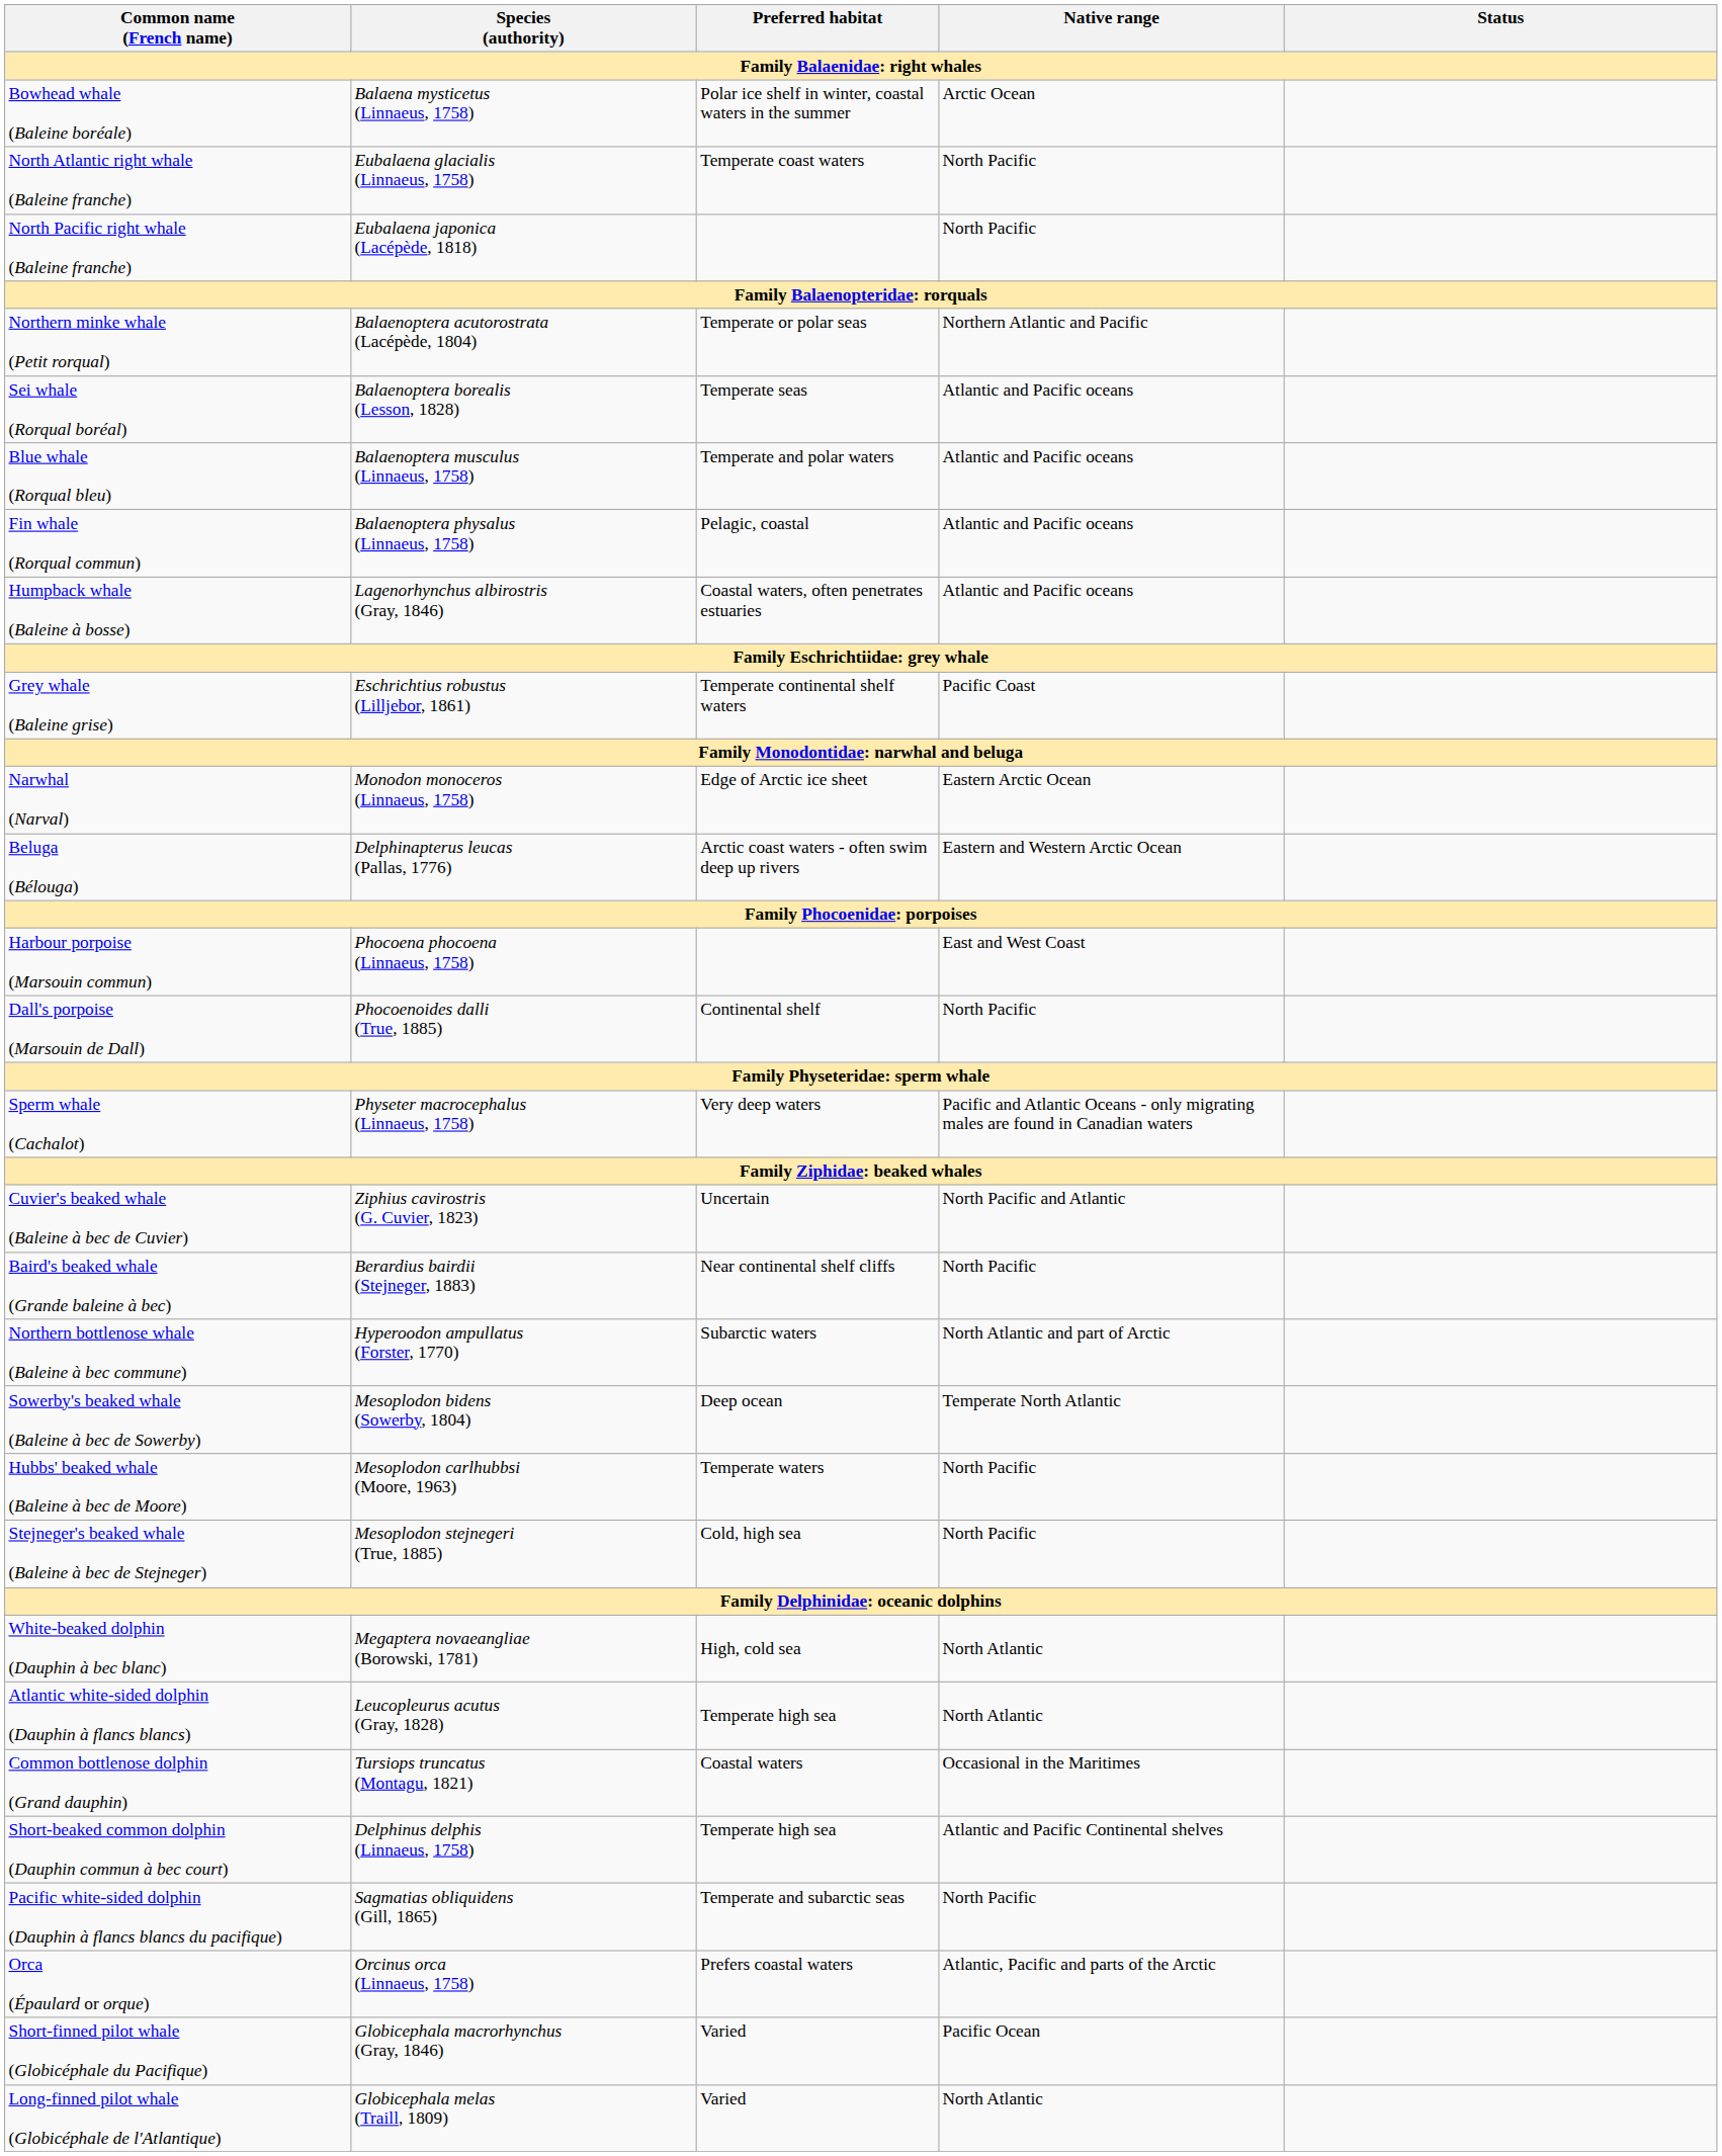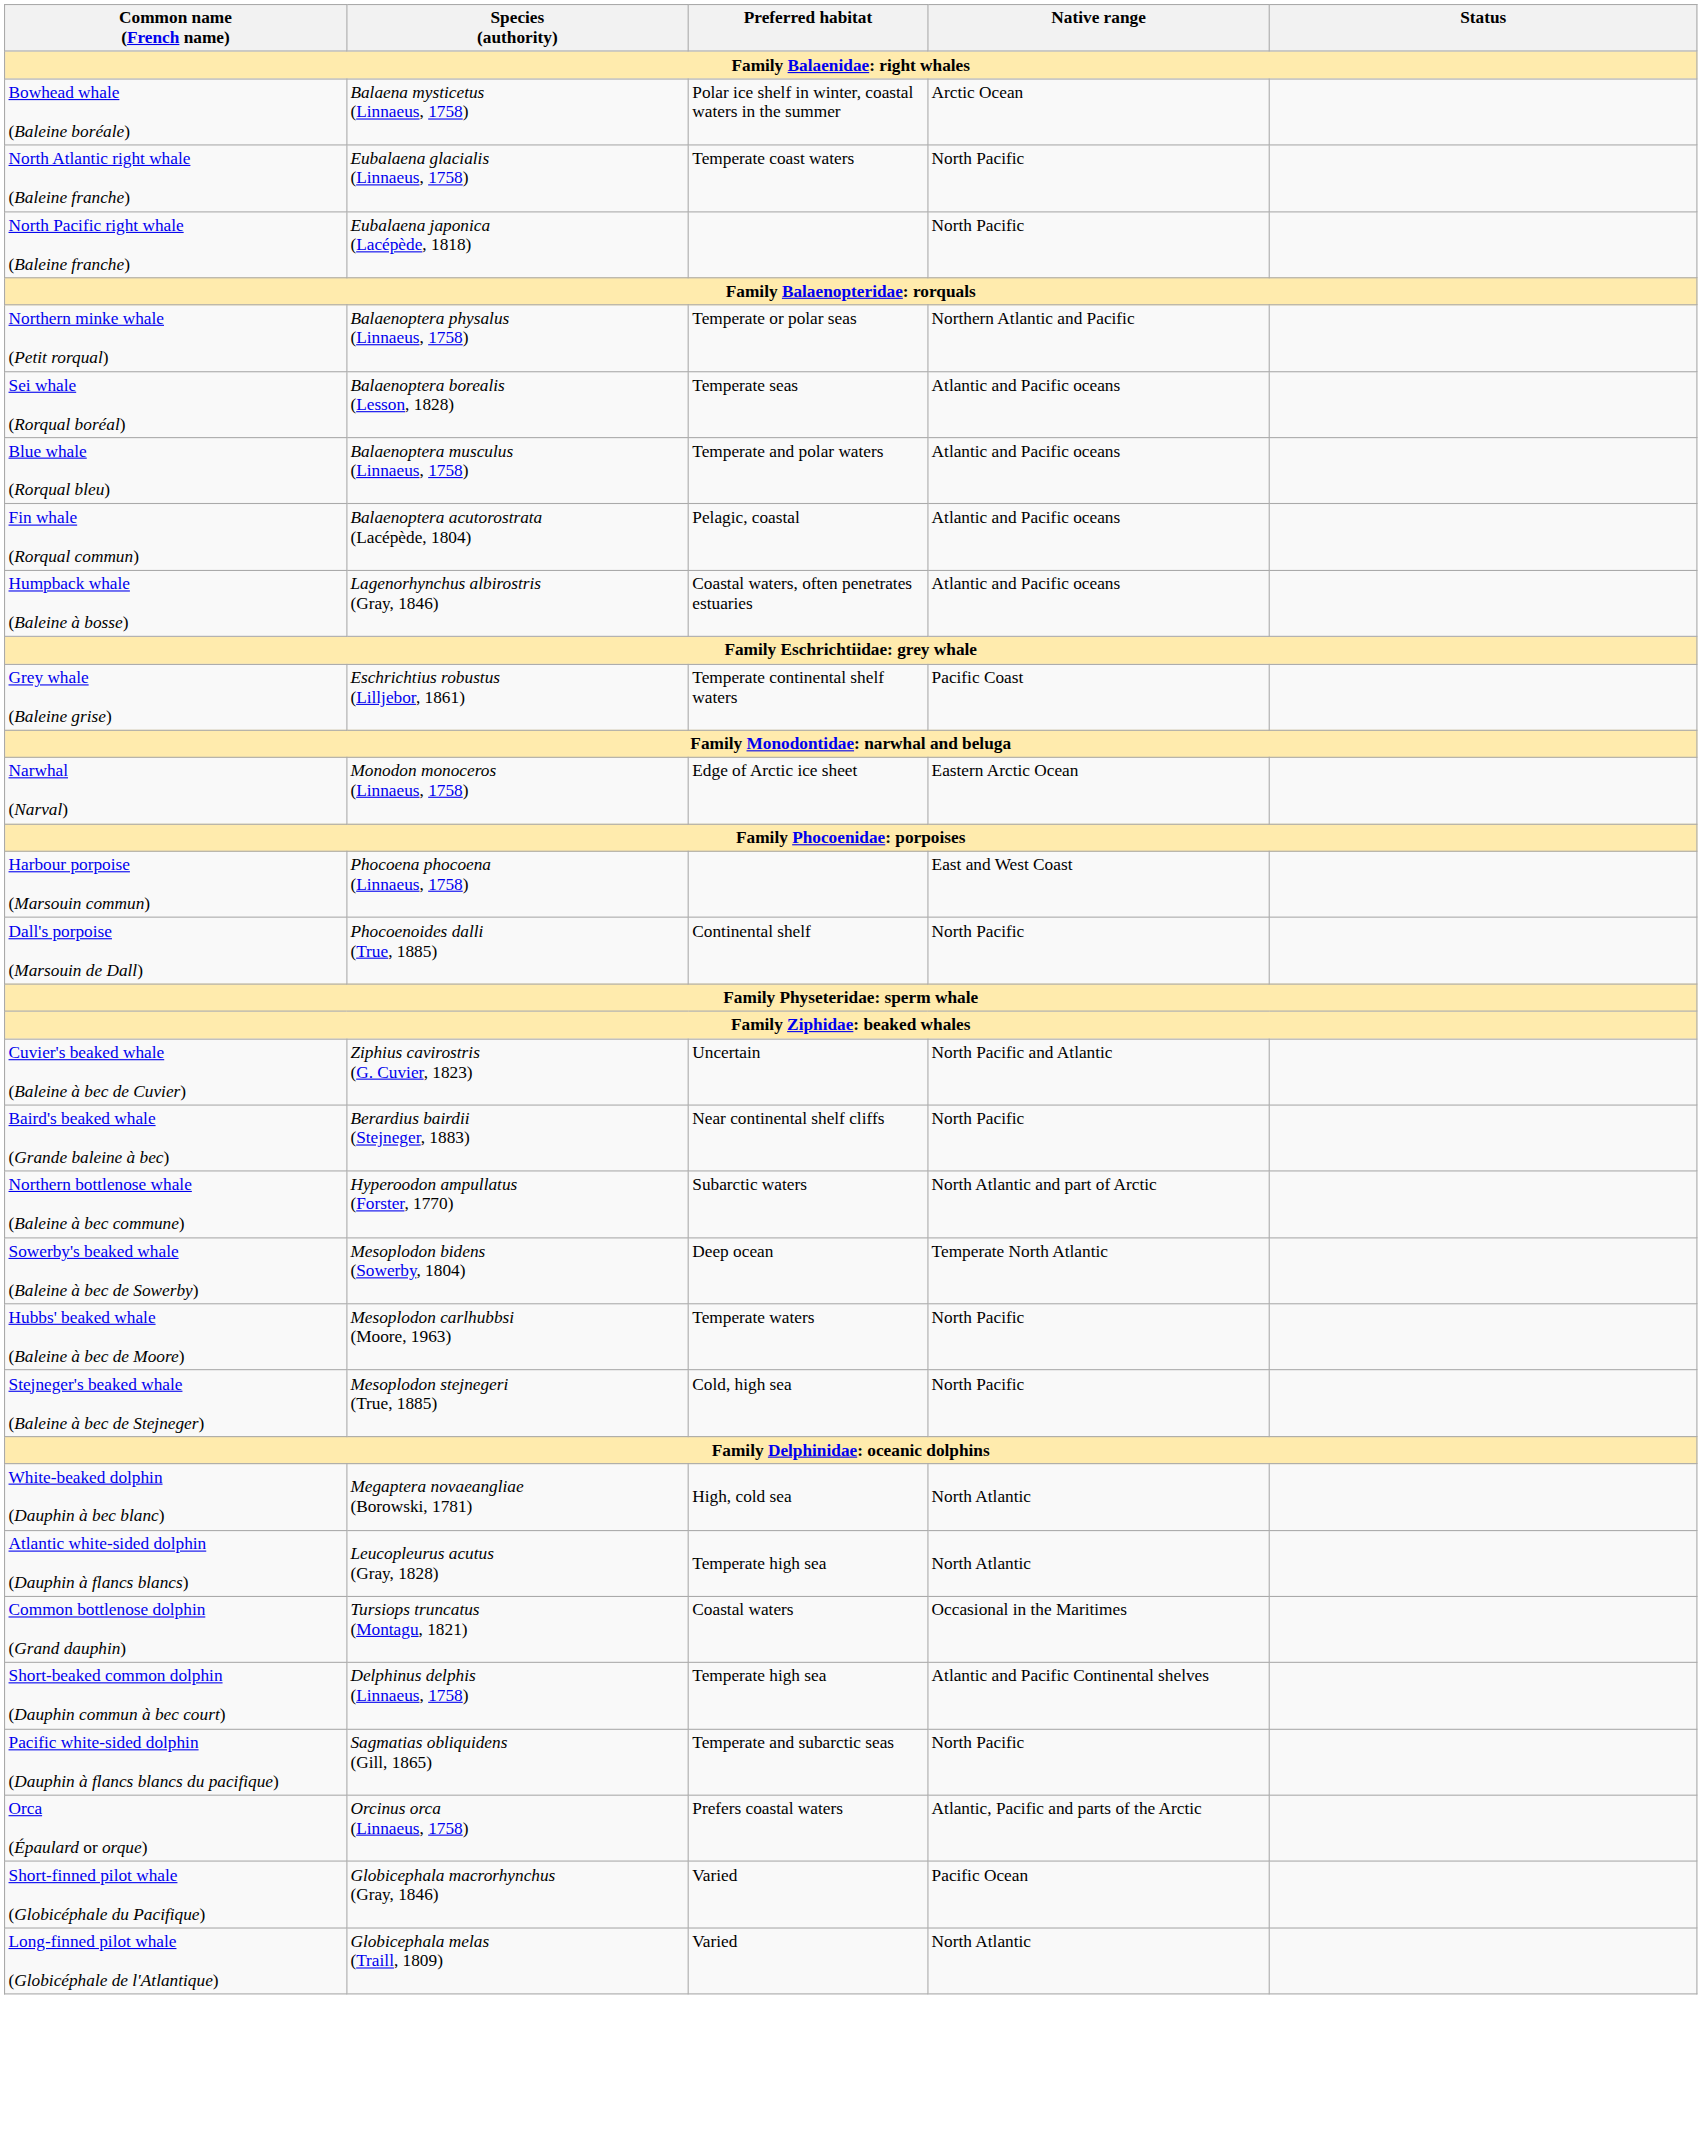 <table class="wikitable sortable sticky-header-multi" style=text-align:center" style="margin:1em auto;">
 <tr valign="top">
 <th style="width:20%;">Common name<br>(<a href='#'>French</a> name)</th>
 <th style="width:20%;">Species<br>(authority)</th>
 <th style="width:14%;">Preferred habitat</th>
 <th style="width:20%;">Native range</th>
 <th style="width:25%;">Status</th>
 </tr>
 <tr>
 <td style="text-align:center;" bgcolor="#ffebad" colspan=5><strong>Family <a href='#'>Balaenidae</a>: right whales</strong></td>
 </tr>
 <tr valign="top">
 <td><a href='#'>Bowhead whale</a><br> <br>(<em>Baleine boréale</em>)</td>
 <td><em>Balaena mysticetus</em><br>(<a href='#'>Linnaeus</a>, <a href='#'>1758</a>)</td>
 <td>Polar ice shelf in winter, coastal waters in the summer</td>
 <td>Arctic Ocean</td>
 <td></td>
 </tr>
 <tr valign="top">
 <td><a href='#'>North Atlantic right whale</a><br> <br>(<em>Baleine franche</em>)</td>
 <td><em>Eubalaena glacialis</em><br>(<a href='#'>Linnaeus</a>, <a href='#'>1758</a>)</td>
 <td>Temperate coast waters</td>
 <td>North Pacific</td>
 <td></td>
 </tr>
 <tr valign="top">
 <td><a href='#'>North Pacific right whale</a><br> <br>(<em>Baleine franche</em>)</td>
 <td><em>Eubalaena japonica</em><br>(<a href='#'>Lacépède</a>, 1818)</td>
 <td></td>
 <td>North Pacific</td>
 <td></td>
 </tr>
 <tr>
 <td style="text-align:center;" bgcolor="#ffebad" colspan=5><strong>Family <a href='#'>Balaenopteridae</a>: rorquals</strong></td>
 </tr>
 <tr valign="top">
 <td><a href='#'>Northern minke whale</a><br> <br>(<em>Petit rorqual</em>)</td>
-<td><em>Balaenoptera acutorostrata</em><br>(Lacépède, 1804)</td>
+<td><em>Balaenoptera physalus</em><br>(<a href='#'>Linnaeus</a>, <a href='#'>1758</a>)</td>
 <td>Temperate or polar seas</td>
 <td>Northern Atlantic and Pacific</td>
 <td></td>
 </tr>
 <tr valign="top">
 <td><a href='#'>Sei whale</a><br> <br>(<em>Rorqual boréal</em>)</td>
 <td><em>Balaenoptera borealis</em><br>(<a href='#'>Lesson</a>, 1828)</td>
 <td>Temperate seas</td>
 <td>Atlantic and Pacific oceans</td>
 <td></td>
 </tr>
 <tr valign="top">
 <td><a href='#'>Blue whale</a><br> <br>(<em>Rorqual bleu</em>)</td>
 <td><em>Balaenoptera musculus</em><br>(<a href='#'>Linnaeus</a>, <a href='#'>1758</a>)</td>
 <td>Temperate and polar waters</td>
 <td>Atlantic and Pacific oceans</td>
 <td></td>
 </tr>
 <tr valign="top">
 <td><a href='#'>Fin whale</a><br> <br>(<em>Rorqual commun</em>)</td>
-<td><em>Balaenoptera physalus</em><br>(<a href='#'>Linnaeus</a>, <a href='#'>1758</a>)</td>
+<td><em>Balaenoptera acutorostrata</em><br>(Lacépède, 1804)</td>
 <td>Pelagic, coastal</td>
 <td>Atlantic and Pacific oceans</td>
 <td></td>
 </tr>
 <tr valign="top">
 <td><a href='#'>Humpback whale</a><br> <br>(<em>Baleine à bosse</em>)</td>
 <td><em>Lagenorhynchus albirostris</em><br>(Gray, 1846)</td>
 <td>Coastal waters, often penetrates estuaries</td>
 <td>Atlantic and Pacific oceans</td>
 <td></td>
 </tr>
 <tr>
 <td style="text-align:center;" bgcolor="#ffebad" colspan=5><strong>Family Eschrichtiidae: grey whale</strong></td>
 </tr>
 <tr valign="top">
 <td><a href='#'>Grey whale</a><br> <br>(<em>Baleine grise</em>)</td>
 <td><em>Eschrichtius robustus</em><br>(<a href='#'>Lilljebor</a>, 1861)</td>
 <td>Temperate continental shelf waters</td>
 <td>Pacific Coast</td>
 <td></td>
 </tr>
 <tr>
 <td style="text-align:center;" bgcolor="#ffebad" colspan=5><strong>Family <a href='#'>Monodontidae</a>: narwhal and beluga</strong></td>
 </tr>
 <tr valign="top">
 <td><a href='#'>Narwhal</a><br> <br>(<em>Narval</em>)</td>
 <td><em>Monodon monoceros</em><br>(<a href='#'>Linnaeus</a>, <a href='#'>1758</a>)</td>
 <td>Edge of Arctic ice sheet</td>
 <td>Eastern Arctic Ocean</td>
 <td></td>
 </tr>
-<tr valign="top">
-<td><a href='#'>Beluga</a><br> <br>(<em>Bélouga</em>)</td>
-<td><em>Delphinapterus leucas</em><br>(Pallas, 1776)</td>
-<td>Arctic coast waters - often swim deep up rivers</td>
-<td>Eastern and Western Arctic Ocean</td>
-<td></td>
-</tr>
 <tr>
 <td style="text-align:center;" bgcolor="#ffebad" colspan=5><strong>Family <a href='#'>Phocoenidae</a>: porpoises</strong></td>
 </tr>
 <tr valign="top">
 <td><a href='#'>Harbour porpoise</a><br> <br>(<em>Marsouin commun</em>)</td>
 <td><em>Phocoena phocoena</em><br>(<a href='#'>Linnaeus</a>, <a href='#'>1758</a>)</td>
 <td></td>
 <td>East and West Coast</td>
 <td></td>
 </tr>
 <tr valign="top">
 <td><a href='#'>Dall's porpoise</a><br> <br>(<em>Marsouin de Dall</em>)</td>
 <td><em>Phocoenoides dalli</em><br>(<a href='#'>True</a>, 1885)</td>
 <td>Continental shelf</td>
 <td>North Pacific</td>
 <td></td>
 </tr>
 <tr>
 <td style="text-align:center;" bgcolor="#ffebad" colspan=5><strong>Family Physeteridae: sperm whale</strong></td>
-</tr>
-<tr valign="top">
-<td><a href='#'>Sperm whale</a><br> <br>(<em>Cachalot</em>)</td>
-<td><em>Physeter macrocephalus</em><br>(<a href='#'>Linnaeus</a>, <a href='#'>1758</a>)</td>
-<td>Very deep waters</td>
-<td>Pacific and Atlantic Oceans - only migrating males are found in Canadian waters</td>
-<td></td>
 </tr>
 <tr>
 <td style="text-align:center;" bgcolor="#ffebad" colspan=5><strong>Family <a href='#'>Ziphidae</a>: beaked whales</strong></td>
 </tr>
 <tr valign="top">
 <td><a href='#'>Cuvier's beaked whale</a><br> <br>(<em>Baleine à bec de Cuvier</em>)</td>
 <td><em>Ziphius cavirostris</em><br>(<a href='#'>G. Cuvier</a>, 1823)</td>
 <td>Uncertain</td>
 <td>North Pacific and Atlantic</td>
 <td></td>
 </tr>
 <tr valign="top">
 <td><a href='#'>Baird's beaked whale</a><br> <br>(<em>Grande baleine à bec</em>)</td>
 <td><em>Berardius bairdii</em><br>(<a href='#'>Stejneger</a>, 1883)</td>
 <td>Near continental shelf cliffs</td>
 <td>North Pacific</td>
 <td></td>
 </tr>
 <tr valign="top">
 <td><a href='#'>Northern bottlenose whale</a><br> <br>(<em>Baleine à bec commune</em>)</td>
 <td><em>Hyperoodon ampullatus</em><br>(<a href='#'>Forster</a>, 1770)</td>
 <td>Subarctic waters</td>
 <td>North Atlantic and part of Arctic</td>
 <td></td>
 </tr>
 <tr valign="top">
 <td><a href='#'>Sowerby's beaked whale</a><br> <br>(<em>Baleine à bec de Sowerby</em>)</td>
 <td><em>Mesoplodon bidens</em><br>(<a href='#'>Sowerby</a>, 1804)</td>
 <td>Deep ocean</td>
 <td>Temperate North Atlantic</td>
 <td></td>
 </tr>
 <tr valign="top">
 <td><a href='#'>Hubbs' beaked whale</a><br> <br>(<em>Baleine à bec de Moore</em>)</td>
 <td><em>Mesoplodon carlhubbsi</em><br>(Moore, 1963)</td>
 <td>Temperate waters</td>
 <td>North Pacific</td>
 <td></td>
 </tr>
 <tr valign="top">
 <td><a href='#'>Stejneger's beaked whale</a><br> <br>(<em>Baleine à bec de Stejneger</em>)</td>
 <td><em>Mesoplodon stejnegeri</em><br>(True, 1885)</td>
 <td>Cold, high sea</td>
 <td>North Pacific</td>
 <td></td>
 </tr>
 <tr>
 <td style="text-align:center;" bgcolor="#ffebad" colspan=5><strong>Family <a href='#'>Delphinidae</a>: oceanic dolphins</strong></td>
 </tr>
 <tr>
 <td><a href='#'>White-beaked dolphin</a><br> <br>(<em>Dauphin à bec blanc</em>)</td>
 <td><em>Megaptera novaeangliae</em><br>(Borowski, 1781)</td>
 <td>High, cold sea</td>
 <td>North Atlantic</td>
 <td></td>
 </tr>
 <tr>
 <td><a href='#'>Atlantic white-sided dolphin</a><br> <br>(<em>Dauphin à flancs blancs</em>)</td>
 <td><em>Leucopleurus acutus</em><br>(Gray, 1828)</td>
 <td>Temperate high sea</td>
 <td>North Atlantic</td>
 <td></td>
 </tr>
 <tr valign="top">
 <td><a href='#'>Common bottlenose dolphin</a><br> <br>(<em>Grand dauphin</em>)</td>
 <td><em>Tursiops truncatus</em><br>(<a href='#'>Montagu</a>, 1821)</td>
 <td>Coastal waters</td>
 <td>Occasional in the Maritimes</td>
 <td></td>
 </tr>
 <tr valign="top">
 <td><a href='#'>Short-beaked common dolphin</a><br> <br>(<em>Dauphin commun à bec court</em>)</td>
 <td><em>Delphinus delphis</em><br>(<a href='#'>Linnaeus</a>, <a href='#'>1758</a>)</td>
 <td>Temperate high sea</td>
 <td>Atlantic and Pacific Continental shelves</td>
 <td></td>
 </tr>
 <tr valign="top">
 <td><a href='#'>Pacific white-sided dolphin</a><br> <br>(<em>Dauphin à flancs blancs du pacifique</em>)</td>
 <td><em>Sagmatias obliquidens</em><br>(Gill, 1865)</td>
 <td>Temperate and subarctic seas</td>
 <td>North Pacific</td>
 <td></td>
 </tr>
 <tr valign="top">
 <td><a href='#'>Orca</a><br> <br>(<em>Épaulard</em> or <em>orque</em>)</td>
 <td><em>Orcinus orca</em><br>(<a href='#'>Linnaeus</a>, <a href='#'>1758</a>)</td>
 <td>Prefers coastal waters</td>
 <td>Atlantic, Pacific and parts of the Arctic</td>
 <td></td>
 </tr>
 <tr valign="top">
 <td><a href='#'>Short-finned pilot whale</a><br> <br>(<em>Globicéphale du Pacifique</em>)</td>
 <td><em>Globicephala macrorhynchus</em><br>(Gray, 1846)</td>
 <td>Varied</td>
 <td>Pacific Ocean</td>
 <td></td>
 </tr>
 <tr valign="top">
 <td><a href='#'>Long-finned pilot whale</a><br> <br>(<em>Globicéphale de l'Atlantique</em>)</td>
 <td><em>Globicephala melas</em><br>(<a href='#'>Traill</a>, 1809)</td>
 <td>Varied</td>
 <td>North Atlantic</td>
 <td></td>
 </tr>
 </table>
